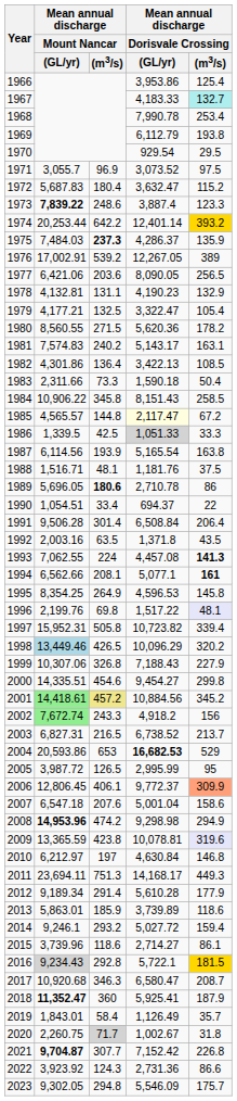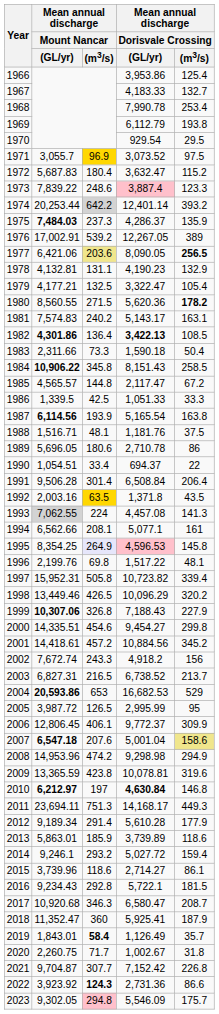 <table class="wikitable" style="text-align:center;">
 <tr>
 <th rowspan="3">Year</th>
 <th colspan="2">Mean annual<br>discharge</th>
 <th colspan="2">Mean annual<br>discharge</th>
 </tr>
 <tr>
 <th colspan="2">Mount Nancar</th>
 <th colspan="2">Dorisvale Crossing</th>
 </tr>
 <tr>
 <th>(GL/yr)</th>
 <th>(m<sup>3</sup>/s)</th>
 <th>(GL/yr)</th>
 <th>(m<sup>3</sup>/s)</th>
 </tr>
 <tr>
 <td>1966</td>
 <td colspan="2" rowspan="5"></td>
 <td>3,953.86</td>
 <td>125.4</td>
 </tr>
 <tr>
 <td>1967</td>
 <td>4,183.33</td>
-<td style="background: paleturquoise;">132.7</td>
+<td>132.7</td>
 </tr>
 <tr>
 <td>1968</td>
 <td>7,990.78</td>
 <td>253.4</td>
 </tr>
 <tr>
 <td>1969</td>
 <td>6,112.79</td>
 <td>193.8</td>
 </tr>
 <tr>
 <td>1970</td>
 <td>929.54</td>
 <td>29.5</td>
 </tr>
 <tr>
 <td>1971</td>
 <td>3,055.7</td>
-<td>96.9</td>
+<td style="background: gold;">96.9</td>
 <td>3,073.52</td>
 <td>97.5</td>
 </tr>
 <tr>
 <td>1972</td>
 <td>5,687.83</td>
 <td>180.4</td>
 <td>3,632.47</td>
 <td>115.2</td>
 </tr>
 <tr>
 <td>1973</td>
-<td><strong>7,839.22</strong></td>
+<td>7,839.22</td>
 <td>248.6</td>
-<td>3,887.4</td>
+<td style="background: pink;">3,887.4</td>
 <td>123.3</td>
 </tr>
 <tr>
 <td>1974</td>
 <td>20,253.44</td>
-<td>642.2</td>
+<td style="background: lightgrey;">642.2</td>
 <td>12,401.14</td>
-<td style="background: gold;">393.2</td>
+<td>393.2</td>
 </tr>
 <tr>
 <td>1975</td>
-<td>7,484.03</td>
-<td><strong>237.3</strong></td>
+<td><strong>7,484.03</strong></td>
+<td>237.3</td>
 <td>4,286.37</td>
 <td>135.9</td>
 </tr>
 <tr>
 <td>1976</td>
 <td>17,002.91</td>
 <td>539.2</td>
 <td>12,267.05</td>
 <td>389</td>
 </tr>
 <tr>
 <td>1977</td>
 <td>6,421.06</td>
-<td>203.6</td>
+<td style="background: khaki;">203.6</td>
 <td>8,090.05</td>
-<td>256.5</td>
+<td><strong>256.5</strong></td>
 </tr>
 <tr>
 <td>1978</td>
 <td>4,132.81</td>
 <td>131.1</td>
 <td>4,190.23</td>
 <td>132.9</td>
 </tr>
 <tr>
 <td>1979</td>
 <td>4,177.21</td>
 <td>132.5</td>
 <td>3,322.47</td>
 <td>105.4</td>
 </tr>
 <tr>
 <td>1980</td>
 <td>8,560.55</td>
 <td>271.5</td>
 <td>5,620.36</td>
-<td>178.2</td>
+<td><strong>178.2</strong></td>
 </tr>
 <tr>
 <td>1981</td>
 <td>7,574.83</td>
 <td>240.2</td>
 <td>5,143.17</td>
 <td>163.1</td>
 </tr>
 <tr>
 <td>1982</td>
-<td>4,301.86</td>
+<td><strong>4,301.86</strong></td>
 <td>136.4</td>
-<td>3,422.13</td>
+<td><strong>3,422.13</strong></td>
 <td>108.5</td>
 </tr>
 <tr>
 <td>1983</td>
 <td>2,311.66</td>
 <td>73.3</td>
 <td>1,590.18</td>
 <td>50.4</td>
 </tr>
 <tr>
 <td>1984</td>
-<td>10,906.22</td>
+<td><strong>10,906.22</strong></td>
 <td>345.8</td>
 <td>8,151.43</td>
 <td>258.5</td>
 </tr>
 <tr>
 <td>1985</td>
 <td>4,565.57</td>
 <td>144.8</td>
-<td style="background: lightyellow;">2,117.47</td>
+<td>2,117.47</td>
 <td>67.2</td>
 </tr>
 <tr>
 <td>1986</td>
 <td>1,339.5</td>
 <td>42.5</td>
-<td style="background: lightgrey;">1,051.33</td>
+<td>1,051.33</td>
 <td>33.3</td>
 </tr>
 <tr>
 <td>1987</td>
-<td>6,114.56</td>
+<td><strong>6,114.56</strong></td>
 <td>193.9</td>
 <td>5,165.54</td>
 <td>163.8</td>
 </tr>
 <tr>
 <td>1988</td>
 <td>1,516.71</td>
 <td>48.1</td>
 <td>1,181.76</td>
 <td>37.5</td>
 </tr>
 <tr>
 <td>1989</td>
 <td>5,696.05</td>
-<td><strong>180.6</strong></td>
+<td>180.6</td>
 <td>2,710.78</td>
 <td>86</td>
 </tr>
 <tr>
 <td>1990</td>
 <td>1,054.51</td>
 <td>33.4</td>
 <td>694.37</td>
 <td>22</td>
 </tr>
 <tr>
 <td>1991</td>
 <td>9,506.28</td>
 <td>301.4</td>
 <td>6,508.84</td>
 <td>206.4</td>
 </tr>
 <tr>
 <td>1992</td>
 <td>2,003.16</td>
-<td>63.5</td>
+<td style="background: gold;">63.5</td>
 <td>1,371.8</td>
 <td>43.5</td>
 </tr>
 <tr>
 <td>1993</td>
-<td>7,062.55</td>
+<td style="background: lightgrey;">7,062.55</td>
 <td>224</td>
 <td>4,457.08</td>
-<td><strong>141.3</strong></td>
+<td>141.3</td>
 </tr>
 <tr>
 <td>1994</td>
 <td>6,562.66</td>
 <td>208.1</td>
 <td>5,077.1</td>
-<td><strong>161</strong></td>
+<td>161</td>
 </tr>
 <tr>
 <td>1995</td>
 <td>8,354.25</td>
-<td>264.9</td>
-<td>4,596.53</td>
+<td style="background: lavender;">264.9</td>
+<td style="background: pink;">4,596.53</td>
 <td>145.8</td>
 </tr>
 <tr>
 <td>1996</td>
 <td>2,199.76</td>
 <td>69.8</td>
 <td>1,517.22</td>
-<td style="background: lavender;">48.1</td>
+<td>48.1</td>
 </tr>
 <tr>
 <td>1997</td>
 <td>15,952.31</td>
 <td>505.8</td>
 <td>10,723.82</td>
 <td>339.4</td>
 </tr>
 <tr>
 <td>1998</td>
-<td style="background: lightblue;">13,449.46</td>
+<td>13,449.46</td>
 <td>426.5</td>
 <td>10,096.29</td>
 <td>320.2</td>
 </tr>
 <tr>
 <td>1999</td>
-<td>10,307.06</td>
+<td><strong>10,307.06</strong></td>
 <td>326.8</td>
 <td>7,188.43</td>
 <td>227.9</td>
 </tr>
 <tr>
 <td>2000</td>
 <td>14,335.51</td>
 <td>454.6</td>
 <td>9,454.27</td>
 <td>299.8</td>
 </tr>
 <tr>
 <td>2001</td>
-<td style="background: lightgreen;">14,418.61</td>
-<td style="background: khaki;">457.2</td>
+<td>14,418.61</td>
+<td>457.2</td>
 <td>10,884.56</td>
 <td>345.2</td>
 </tr>
 <tr>
 <td>2002</td>
-<td style="background: lightgreen;">7,672.74</td>
+<td>7,672.74</td>
 <td>243.3</td>
 <td>4,918.2</td>
 <td>156</td>
 </tr>
 <tr>
 <td>2003</td>
 <td>6,827.31</td>
 <td>216.5</td>
 <td>6,738.52</td>
 <td>213.7</td>
 </tr>
 <tr>
 <td>2004</td>
-<td>20,593.86</td>
+<td><strong>20,593.86</strong></td>
 <td>653</td>
-<td><strong>16,682.53</strong></td>
+<td>16,682.53</td>
 <td>529</td>
 </tr>
 <tr>
 <td>2005</td>
 <td>3,987.72</td>
 <td>126.5</td>
 <td>2,995.99</td>
 <td>95</td>
 </tr>
 <tr>
 <td>2006</td>
 <td>12,806.45</td>
 <td>406.1</td>
 <td>9,772.37</td>
-<td style="background: lightsalmon;">309.9</td>
+<td>309.9</td>
 </tr>
 <tr>
 <td>2007</td>
-<td>6,547.18</td>
+<td><strong>6,547.18</strong></td>
 <td>207.6</td>
 <td>5,001.04</td>
-<td>158.6</td>
+<td style="background: khaki;">158.6</td>
 </tr>
 <tr>
 <td>2008</td>
-<td><strong>14,953.96</strong></td>
+<td>14,953.96</td>
 <td>474.2</td>
 <td>9,298.98</td>
 <td>294.9</td>
 </tr>
 <tr>
 <td>2009</td>
 <td>13,365.59</td>
 <td>423.8</td>
 <td>10,078.81</td>
-<td style="background: lavender;">319.6</td>
+<td>319.6</td>
 </tr>
 <tr>
 <td>2010</td>
-<td>6,212.97</td>
+<td><strong>6,212.97</strong></td>
 <td>197</td>
-<td>4,630.84</td>
+<td><strong>4,630.84</strong></td>
 <td>146.8</td>
 </tr>
 <tr>
 <td>2011</td>
 <td>23,694.11</td>
 <td>751.3</td>
 <td>14,168.17</td>
 <td>449.3</td>
 </tr>
 <tr>
 <td>2012</td>
 <td>9,189.34</td>
 <td>291.4</td>
 <td>5,610.28</td>
 <td>177.9</td>
 </tr>
 <tr>
 <td>2013</td>
 <td>5,863.01</td>
 <td>185.9</td>
 <td>3,739.89</td>
 <td>118.6</td>
 </tr>
 <tr>
 <td>2014</td>
 <td>9,246.1</td>
 <td>293.2</td>
 <td>5,027.72</td>
 <td>159.4</td>
 </tr>
 <tr>
 <td>2015</td>
 <td>3,739.96</td>
 <td>118.6</td>
 <td>2,714.27</td>
 <td>86.1</td>
 </tr>
 <tr>
 <td>2016</td>
-<td style="background: lightgrey;">9,234.43</td>
+<td>9,234.43</td>
 <td>292.8</td>
 <td>5,722.1</td>
-<td style="background: gold;">181.5</td>
+<td>181.5</td>
 </tr>
 <tr>
 <td>2017</td>
 <td>10,920.68</td>
 <td>346.3</td>
 <td>6,580.47</td>
 <td>208.7</td>
 </tr>
 <tr>
 <td>2018</td>
-<td><strong>11,352.47</strong></td>
+<td>11,352.47</td>
 <td>360</td>
 <td>5,925.41</td>
 <td>187.9</td>
 </tr>
 <tr>
 <td>2019</td>
 <td>1,843.01</td>
-<td>58.4</td>
+<td><strong>58.4</strong></td>
 <td>1,126.49</td>
 <td>35.7</td>
 </tr>
 <tr>
 <td>2020</td>
 <td>2,260.75</td>
-<td style="background: lightgrey;">71.7</td>
+<td>71.7</td>
 <td>1,002.67</td>
 <td>31.8</td>
 </tr>
 <tr>
 <td>2021</td>
-<td><strong>9,704.87</strong></td>
+<td>9,704.87</td>
 <td>307.7</td>
 <td>7,152.42</td>
 <td>226.8</td>
 </tr>
 <tr>
 <td>2022</td>
 <td>3,923.92</td>
-<td>124.3</td>
+<td><strong>124.3</strong></td>
 <td>2,731.36</td>
 <td>86.6</td>
 </tr>
 <tr>
 <td>2023</td>
 <td>9,302.05</td>
-<td>294.8</td>
+<td style="background: pink;">294.8</td>
 <td>5,546.09</td>
 <td>175.7</td>
 </tr>
 </table>
